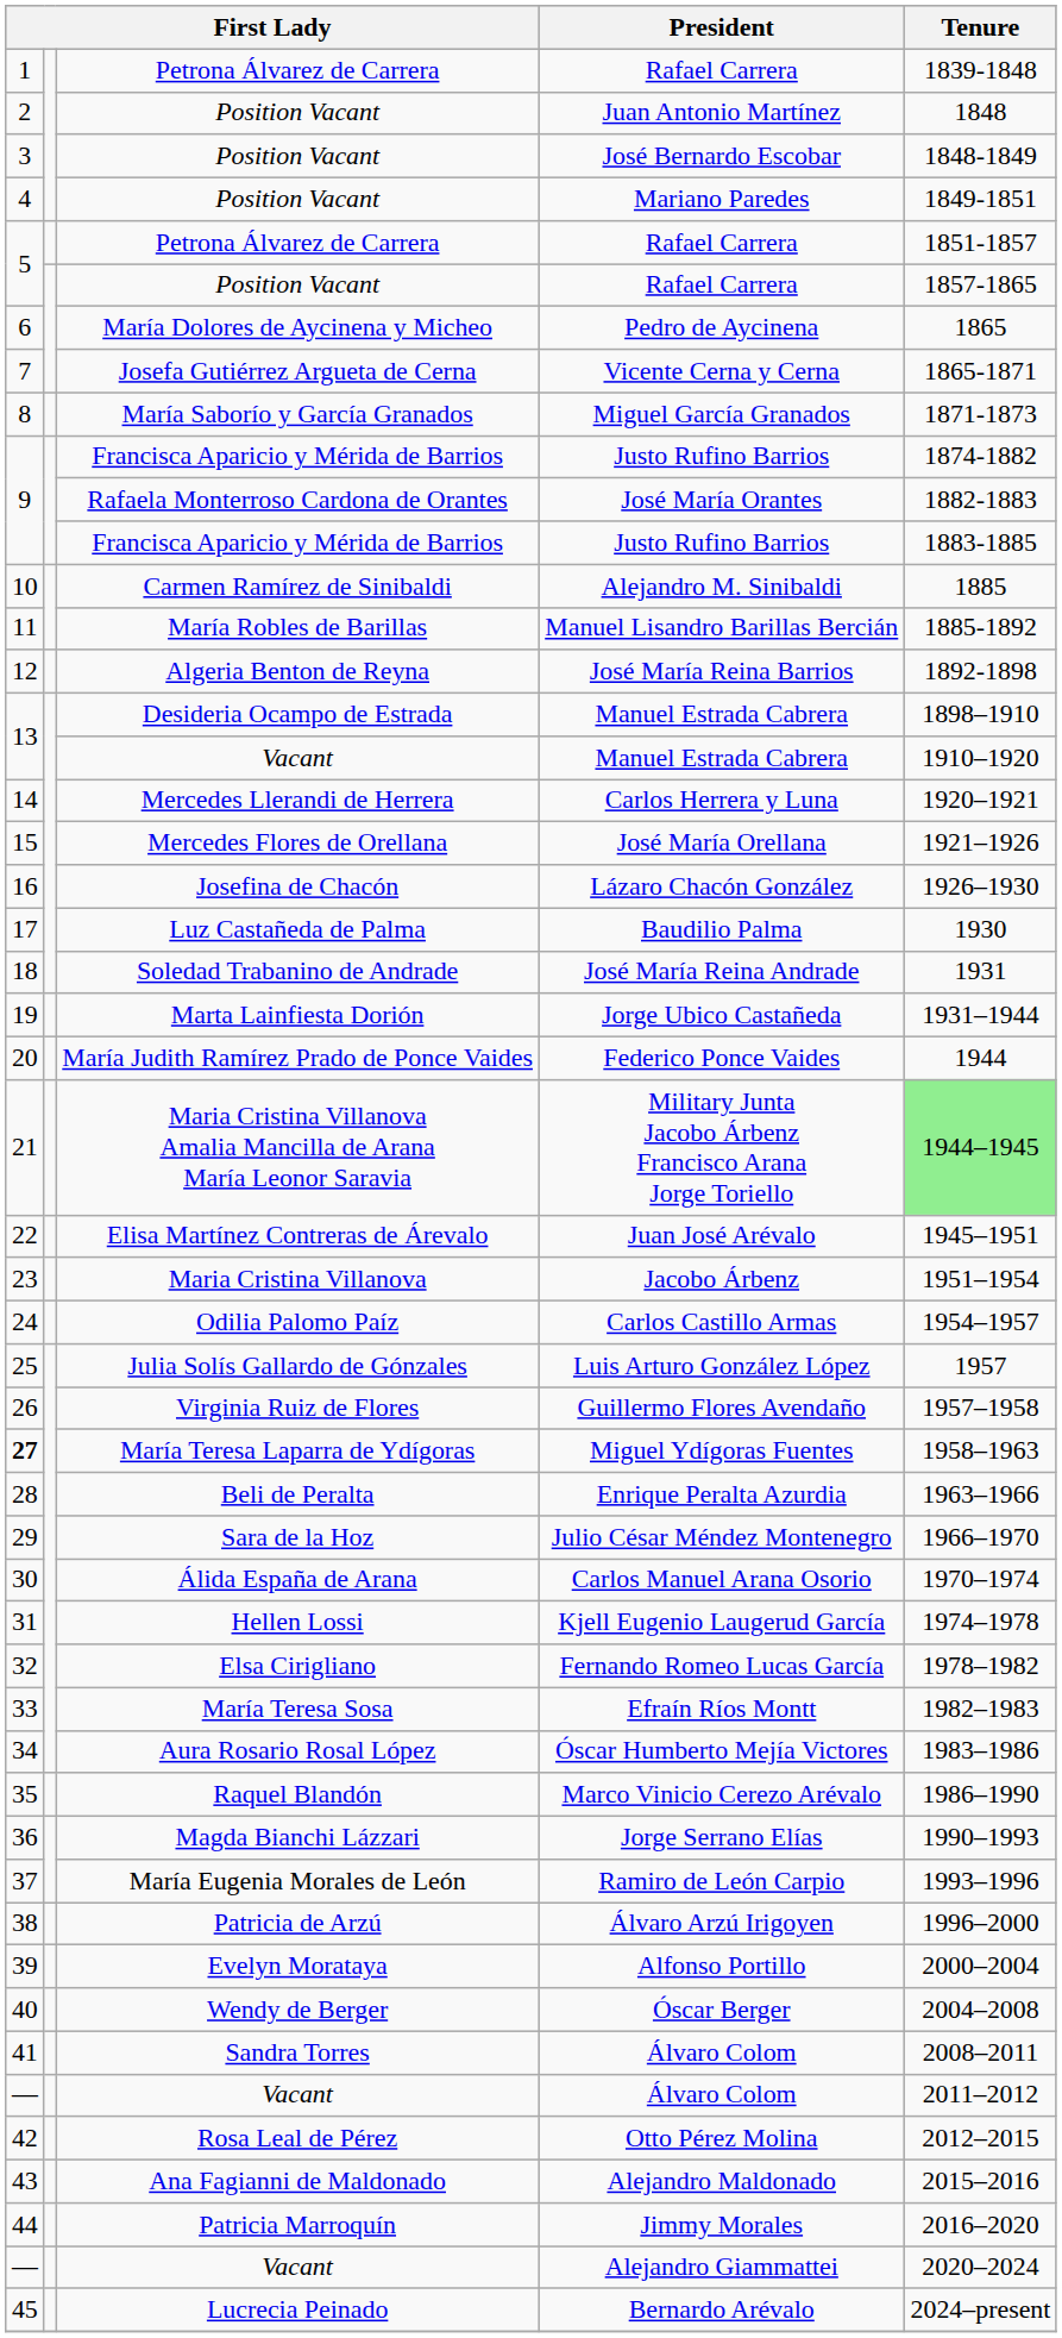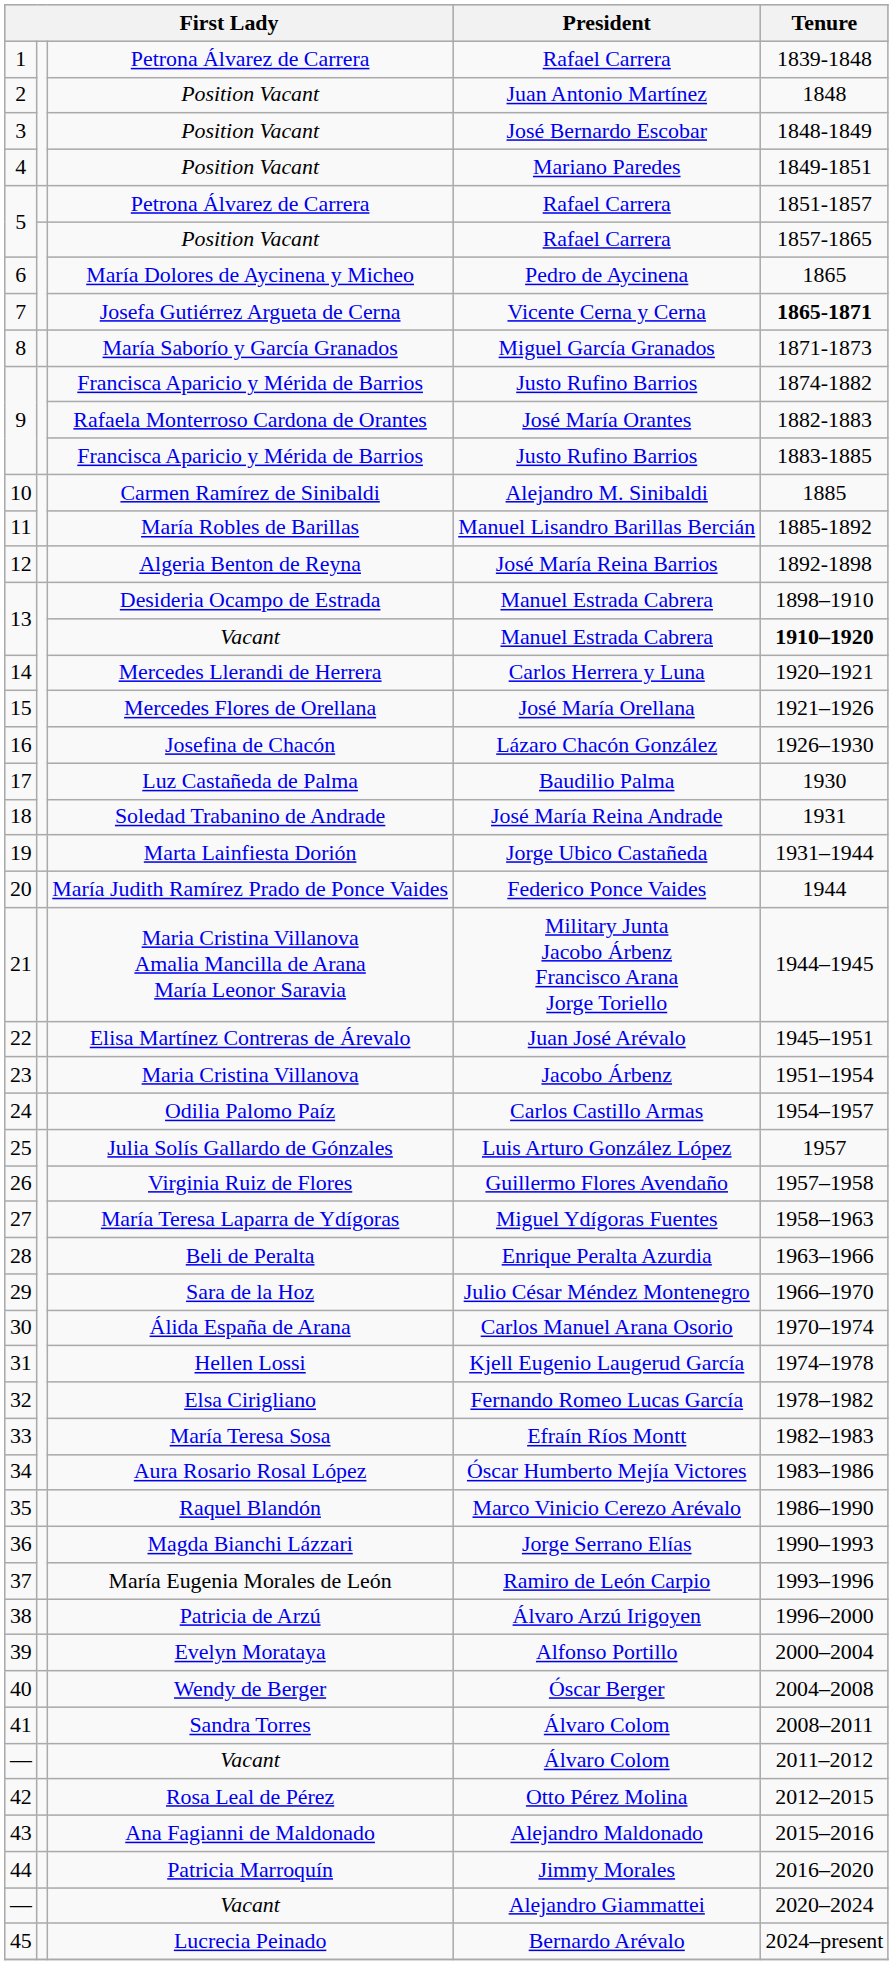 <table class="wikitable" style="text-align:center; font-size:0.9em;" align=center>
 <tr style="background:#cccccc">
 <th colspan=3>First Lady</th>
 <th>President</th>
 <th>Tenure</th>
 </tr>
 <tr>
 <td>1</td>
 <td rowspan=4></td>
 <td><a href='#'>Petrona Álvarez de Carrera</a></td>
 <td><a href='#'>Rafael Carrera</a></td>
 <td>1839-1848</td>
 </tr>
 <tr>
 <td>2</td>
 <td><em>Position Vacant</em></td>
 <td><a href='#'>Juan Antonio Martínez</a></td>
 <td>1848</td>
 </tr>
 <tr>
 <td>3</td>
 <td><em>Position Vacant</em></td>
 <td><a href='#'>José Bernardo Escobar</a></td>
 <td>1848-1849</td>
 </tr>
 <tr>
 <td>4</td>
 <td><em>Position Vacant</em></td>
 <td><a href='#'>Mariano Paredes</a></td>
 <td>1849-1851</td>
 </tr>
 <tr>
 <td rowspan=2>5</td>
 <td></td>
 <td><a href='#'>Petrona Álvarez de Carrera</a></td>
 <td><a href='#'>Rafael Carrera</a></td>
 <td>1851-1857</td>
 </tr>
 <tr>
 <td rowspan=3></td>
 <td><em>Position Vacant</em></td>
 <td><a href='#'>Rafael Carrera</a></td>
 <td>1857-1865</td>
 </tr>
 <tr>
 <td>6</td>
 <td><a href='#'>María Dolores de Aycinena y Micheo</a></td>
 <td><a href='#'>Pedro de Aycinena</a></td>
 <td>1865</td>
 </tr>
 <tr>
 <td>7</td>
 <td><a href='#'>Josefa Gutiérrez Argueta de Cerna</a></td>
 <td><a href='#'>Vicente Cerna y Cerna</a></td>
-<td>1865-1871</td>
+<td><strong>1865-1871</strong></td>
 </tr>
 <tr>
 <td>8</td>
 <td></td>
 <td><a href='#'>María Saborío y García Granados</a></td>
 <td><a href='#'>Miguel García Granados</a></td>
 <td>1871-1873</td>
 </tr>
 <tr>
 <td rowspan="3">9</td>
 <td rowspan="3"></td>
 <td><a href='#'>Francisca Aparicio y Mérida de Barrios</a></td>
 <td><a href='#'>Justo Rufino Barrios</a></td>
 <td>1874-1882</td>
 </tr>
 <tr>
 <td><a href='#'>Rafaela Monterroso Cardona de Orantes</a></td>
 <td><a href='#'>José María Orantes</a></td>
 <td>1882-1883</td>
 </tr>
 <tr>
 <td><a href='#'>Francisca Aparicio y Mérida de Barrios</a></td>
 <td><a href='#'>Justo Rufino Barrios</a></td>
 <td>1883-1885</td>
 </tr>
 <tr>
 <td>10</td>
 <td rowspan=2></td>
 <td><a href='#'>Carmen Ramírez de Sinibaldi</a></td>
 <td><a href='#'>Alejandro M. Sinibaldi</a></td>
 <td>1885</td>
 </tr>
 <tr>
 <td>11</td>
 <td><a href='#'>María Robles de Barillas</a></td>
 <td><a href='#'>Manuel Lisandro Barillas Bercián</a></td>
 <td>1885-1892</td>
 </tr>
 <tr>
 <td>12</td>
 <td></td>
 <td><a href='#'>Algeria Benton de Reyna</a></td>
 <td><a href='#'>José María Reina Barrios</a></td>
 <td>1892-1898</td>
 </tr>
 <tr>
 <td rowspan="2">13</td>
 <td rowspan=7></td>
 <td><a href='#'>Desideria Ocampo de Estrada</a></td>
 <td><a href='#'>Manuel Estrada Cabrera</a></td>
 <td>1898–1910</td>
 </tr>
 <tr>
 <td><em>Vacant</em></td>
 <td><a href='#'>Manuel Estrada Cabrera</a></td>
-<td>1910–1920</td>
+<td><strong>1910–1920</strong></td>
 </tr>
 <tr>
 <td>14</td>
 <td><a href='#'>Mercedes Llerandi de Herrera</a></td>
 <td><a href='#'>Carlos Herrera y Luna</a></td>
 <td>1920–1921</td>
 </tr>
 <tr>
 <td>15</td>
 <td><a href='#'>Mercedes Flores de Orellana</a></td>
 <td><a href='#'>José María Orellana</a></td>
 <td>1921–1926</td>
 </tr>
 <tr>
 <td>16</td>
 <td><a href='#'>Josefina de Chacón</a></td>
 <td><a href='#'>Lázaro Chacón González</a></td>
 <td>1926–1930</td>
 </tr>
 <tr>
 <td>17</td>
 <td><a href='#'>Luz Castañeda de Palma</a></td>
 <td><a href='#'>Baudilio Palma</a></td>
 <td>1930</td>
 </tr>
 <tr>
 <td>18</td>
 <td><a href='#'>Soledad Trabanino de Andrade</a></td>
 <td><a href='#'>José María Reina Andrade</a></td>
 <td>1931</td>
 </tr>
 <tr>
 <td>19</td>
 <td></td>
 <td><a href='#'>Marta Lainfiesta Dorión</a></td>
 <td><a href='#'>Jorge Ubico Castañeda</a></td>
 <td>1931–1944</td>
 </tr>
 <tr>
 <td>20</td>
 <td></td>
 <td><a href='#'>María Judith Ramírez Prado de Ponce Vaides</a></td>
 <td><a href='#'>Federico Ponce Vaides</a></td>
 <td>1944</td>
 </tr>
 <tr>
 <td>21</td>
 <td></td>
 <td><a href='#'>Maria Cristina Villanova</a><br><a href='#'>Amalia Mancilla de Arana</a><br><a href='#'>María Leonor Saravia</a></td>
 <td><a href='#'>Military Junta</a><br><a href='#'>Jacobo Árbenz</a><br><a href='#'>Francisco Arana</a><br><a href='#'>Jorge Toriello</a></td>
-<td style="background: lightgreen;">1944–1945</td>
+<td>1944–1945</td>
 </tr>
 <tr style="background:">
 <td>22</td>
 <td></td>
 <td><a href='#'>Elisa Martínez Contreras de Árevalo</a></td>
 <td><a href='#'>Juan José Arévalo</a></td>
 <td>1945–1951</td>
 </tr>
 <tr style="background:">
 <td>23</td>
 <td></td>
 <td><a href='#'>Maria Cristina Villanova</a></td>
 <td><a href='#'>Jacobo Árbenz</a></td>
 <td>1951–1954</td>
 </tr>
 <tr style="background:">
 <td>24</td>
 <td></td>
 <td><a href='#'>Odilia Palomo Paíz</a></td>
 <td><a href='#'>Carlos Castillo Armas</a></td>
 <td>1954–1957</td>
 </tr>
 <tr>
 <td>25</td>
 <td rowspan=10></td>
 <td><a href='#'>Julia Solís Gallardo de Gónzales</a></td>
 <td><a href='#'>Luis Arturo González López</a></td>
 <td>1957</td>
 </tr>
 <tr>
 <td>26</td>
 <td><a href='#'>Virginia Ruiz de Flores</a></td>
 <td><a href='#'>Guillermo Flores Avendaño</a></td>
 <td>1957–1958</td>
 </tr>
 <tr style="background:">
-<td><strong>27</strong></td>
+<td>27</td>
 <td><a href='#'>María Teresa Laparra de Ydígoras</a></td>
 <td><a href='#'>Miguel Ydígoras Fuentes</a></td>
 <td>1958–1963</td>
 </tr>
 <tr>
 <td>28</td>
 <td><a href='#'>Beli de Peralta</a></td>
 <td><a href='#'>Enrique Peralta Azurdia</a></td>
 <td>1963–1966</td>
 </tr>
 <tr style="background:">
 <td>29</td>
 <td><a href='#'>Sara de la Hoz</a></td>
 <td><a href='#'>Julio César Méndez Montenegro</a></td>
 <td>1966–1970</td>
 </tr>
 <tr style="background:">
 <td>30</td>
 <td><a href='#'>Álida España de Arana</a></td>
 <td><a href='#'>Carlos Manuel Arana Osorio</a></td>
 <td>1970–1974</td>
 </tr>
 <tr style="background:">
 <td>31</td>
 <td><a href='#'>Hellen Lossi</a></td>
 <td><a href='#'>Kjell Eugenio Laugerud García</a></td>
 <td>1974–1978</td>
 </tr>
 <tr>
 <td>32</td>
 <td><a href='#'>Elsa Cirigliano</a></td>
 <td><a href='#'>Fernando Romeo Lucas García</a></td>
 <td>1978–1982</td>
 </tr>
 <tr>
 <td>33</td>
 <td><a href='#'>María Teresa Sosa</a></td>
 <td><a href='#'>Efraín Ríos Montt</a></td>
 <td>1982–1983</td>
 </tr>
 <tr>
 <td>34</td>
 <td><a href='#'>Aura Rosario Rosal López</a></td>
 <td><a href='#'>Óscar Humberto Mejía Victores</a></td>
 <td>1983–1986</td>
 </tr>
 <tr style="background:">
 <td>35</td>
 <td></td>
 <td><a href='#'>Raquel Blandón</a></td>
 <td><a href='#'>Marco Vinicio Cerezo Arévalo</a></td>
 <td>1986–1990</td>
 </tr>
 <tr style="background:">
 <td>36</td>
 <td rowspan=2></td>
 <td><a href='#'>Magda Bianchi Lázzari</a></td>
 <td><a href='#'>Jorge Serrano Elías</a></td>
 <td>1990–1993</td>
 </tr>
 <tr style="background:">
 <td>37</td>
 <td>María Eugenia Morales de León</td>
 <td><a href='#'>Ramiro de León Carpio</a></td>
 <td>1993–1996</td>
 </tr>
 <tr style="background:">
 <td>38</td>
 <td></td>
 <td><a href='#'>Patricia de Arzú</a></td>
 <td><a href='#'>Álvaro Arzú Irigoyen</a></td>
 <td>1996–2000</td>
 </tr>
 <tr style="background:">
 <td>39</td>
 <td></td>
 <td><a href='#'>Evelyn Morataya</a></td>
 <td><a href='#'>Alfonso Portillo</a></td>
 <td>2000–2004</td>
 </tr>
 <tr style="background:">
 <td>40</td>
 <td></td>
 <td><a href='#'>Wendy de Berger</a></td>
 <td><a href='#'>Óscar Berger</a></td>
 <td>2004–2008</td>
 </tr>
 <tr style="background:">
 <td>41</td>
 <td rowspan=1></td>
 <td><a href='#'>Sandra Torres</a></td>
 <td><a href='#'>Álvaro Colom</a></td>
 <td>2008–2011</td>
 </tr>
 <tr>
 <td>—</td>
 <td></td>
 <td><em>Vacant</em></td>
 <td><a href='#'>Álvaro Colom</a></td>
 <td>2011–2012</td>
 </tr>
 <tr style="background:">
 <td>42</td>
 <td></td>
 <td><a href='#'>Rosa Leal de Pérez</a></td>
 <td><a href='#'>Otto Pérez Molina</a></td>
 <td>2012–2015</td>
 </tr>
 <tr style="background:">
 <td>43</td>
 <td></td>
 <td><a href='#'>Ana Fagianni de Maldonado</a></td>
 <td><a href='#'>Alejandro Maldonado</a></td>
 <td>2015–2016</td>
 </tr>
 <tr style="background:">
 <td>44</td>
 <td></td>
 <td><a href='#'>Patricia Marroquín</a></td>
 <td><a href='#'>Jimmy Morales</a></td>
 <td>2016–2020</td>
 </tr>
 <tr>
 <td>—</td>
 <td></td>
 <td><em>Vacant</em></td>
 <td><a href='#'>Alejandro Giammattei</a></td>
 <td>2020–2024</td>
 </tr>
 <tr style="background:">
 <td>45</td>
 <td></td>
 <td><a href='#'>Lucrecia Peinado</a></td>
 <td><a href='#'>Bernardo Arévalo</a></td>
 <td>2024–present</td>
 </tr>
 <tr>
 </tr>
 </table>
